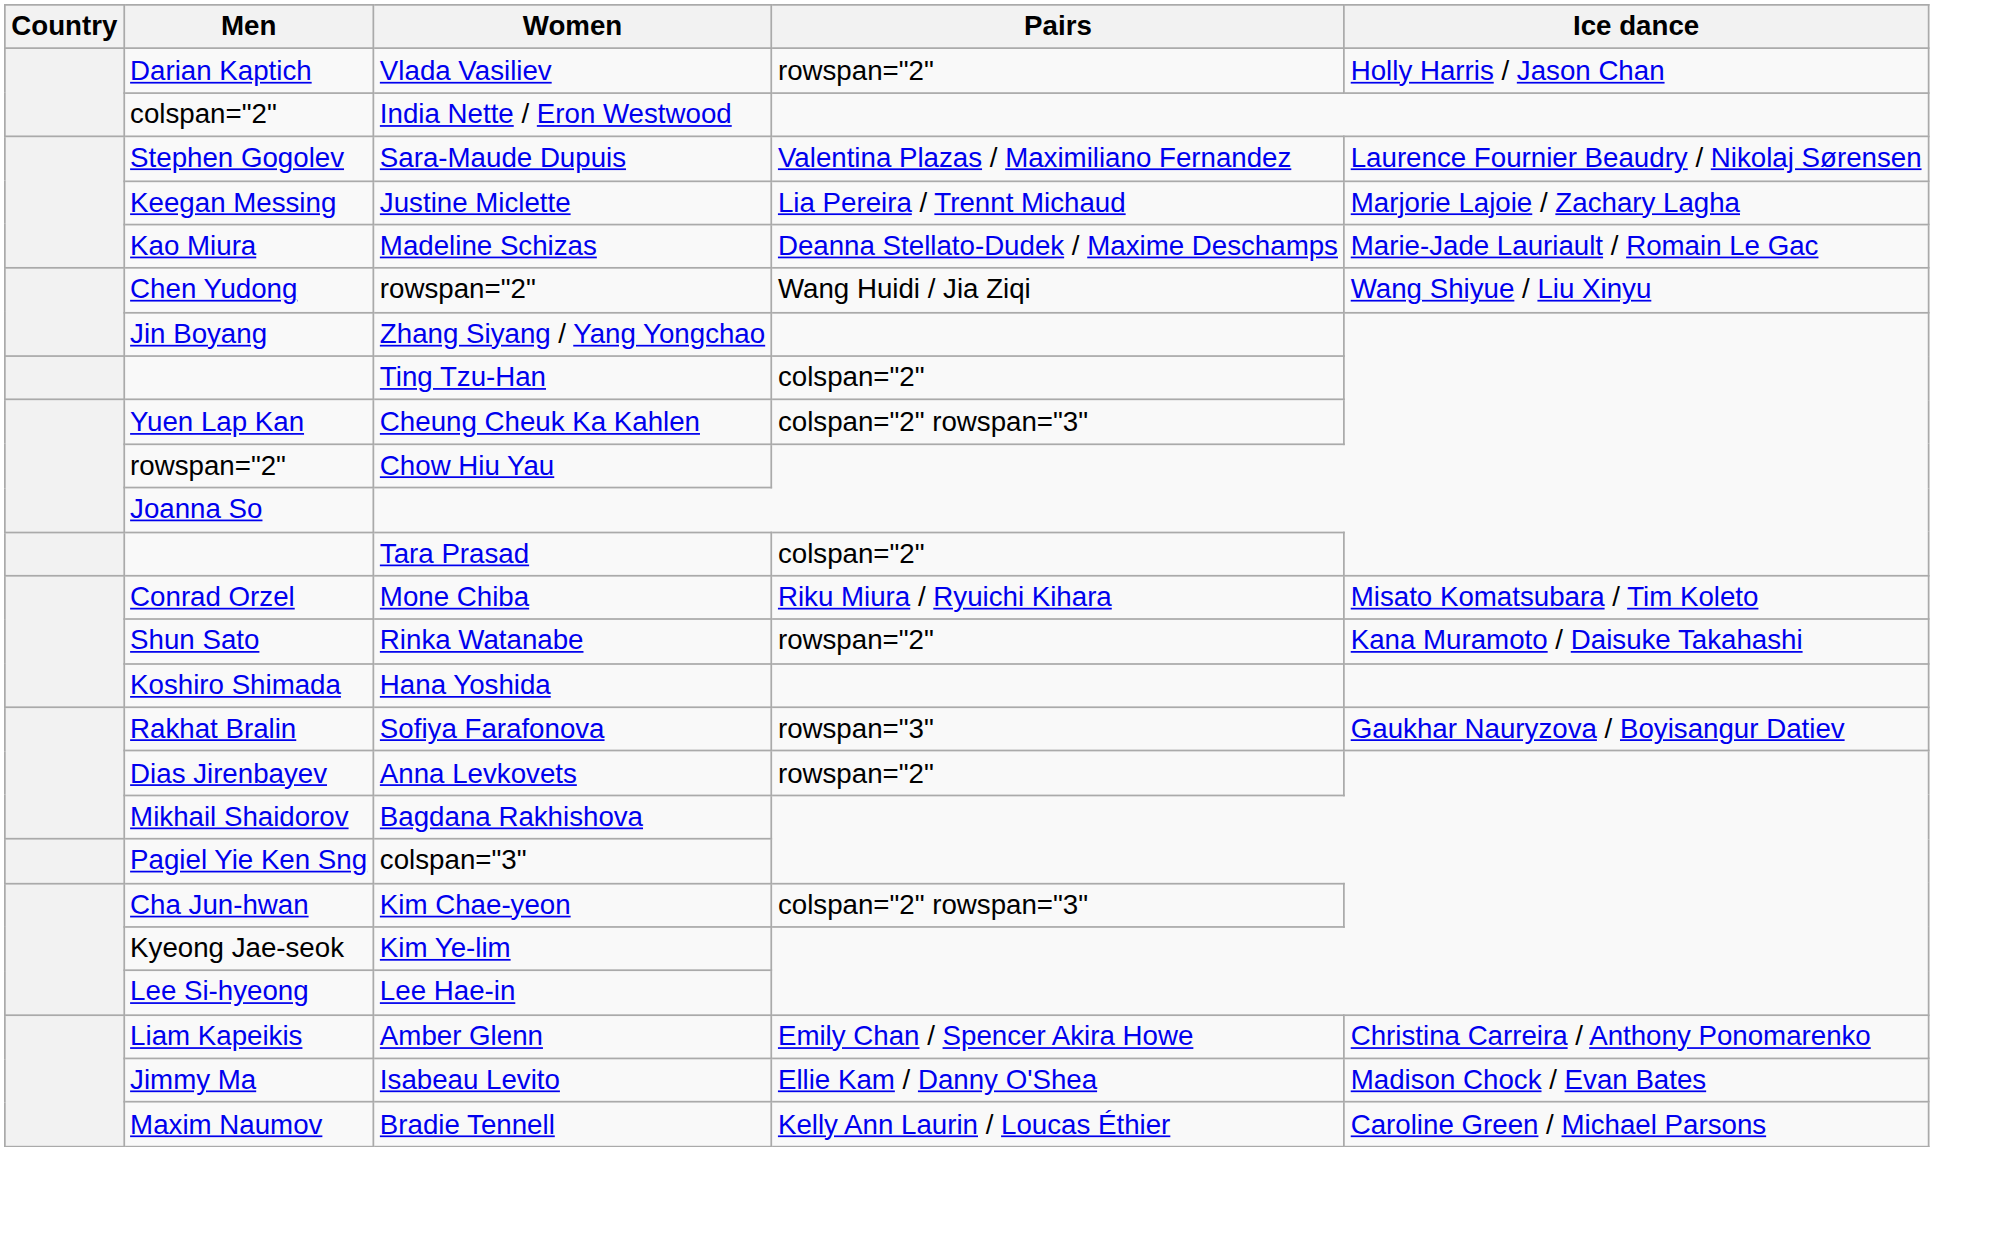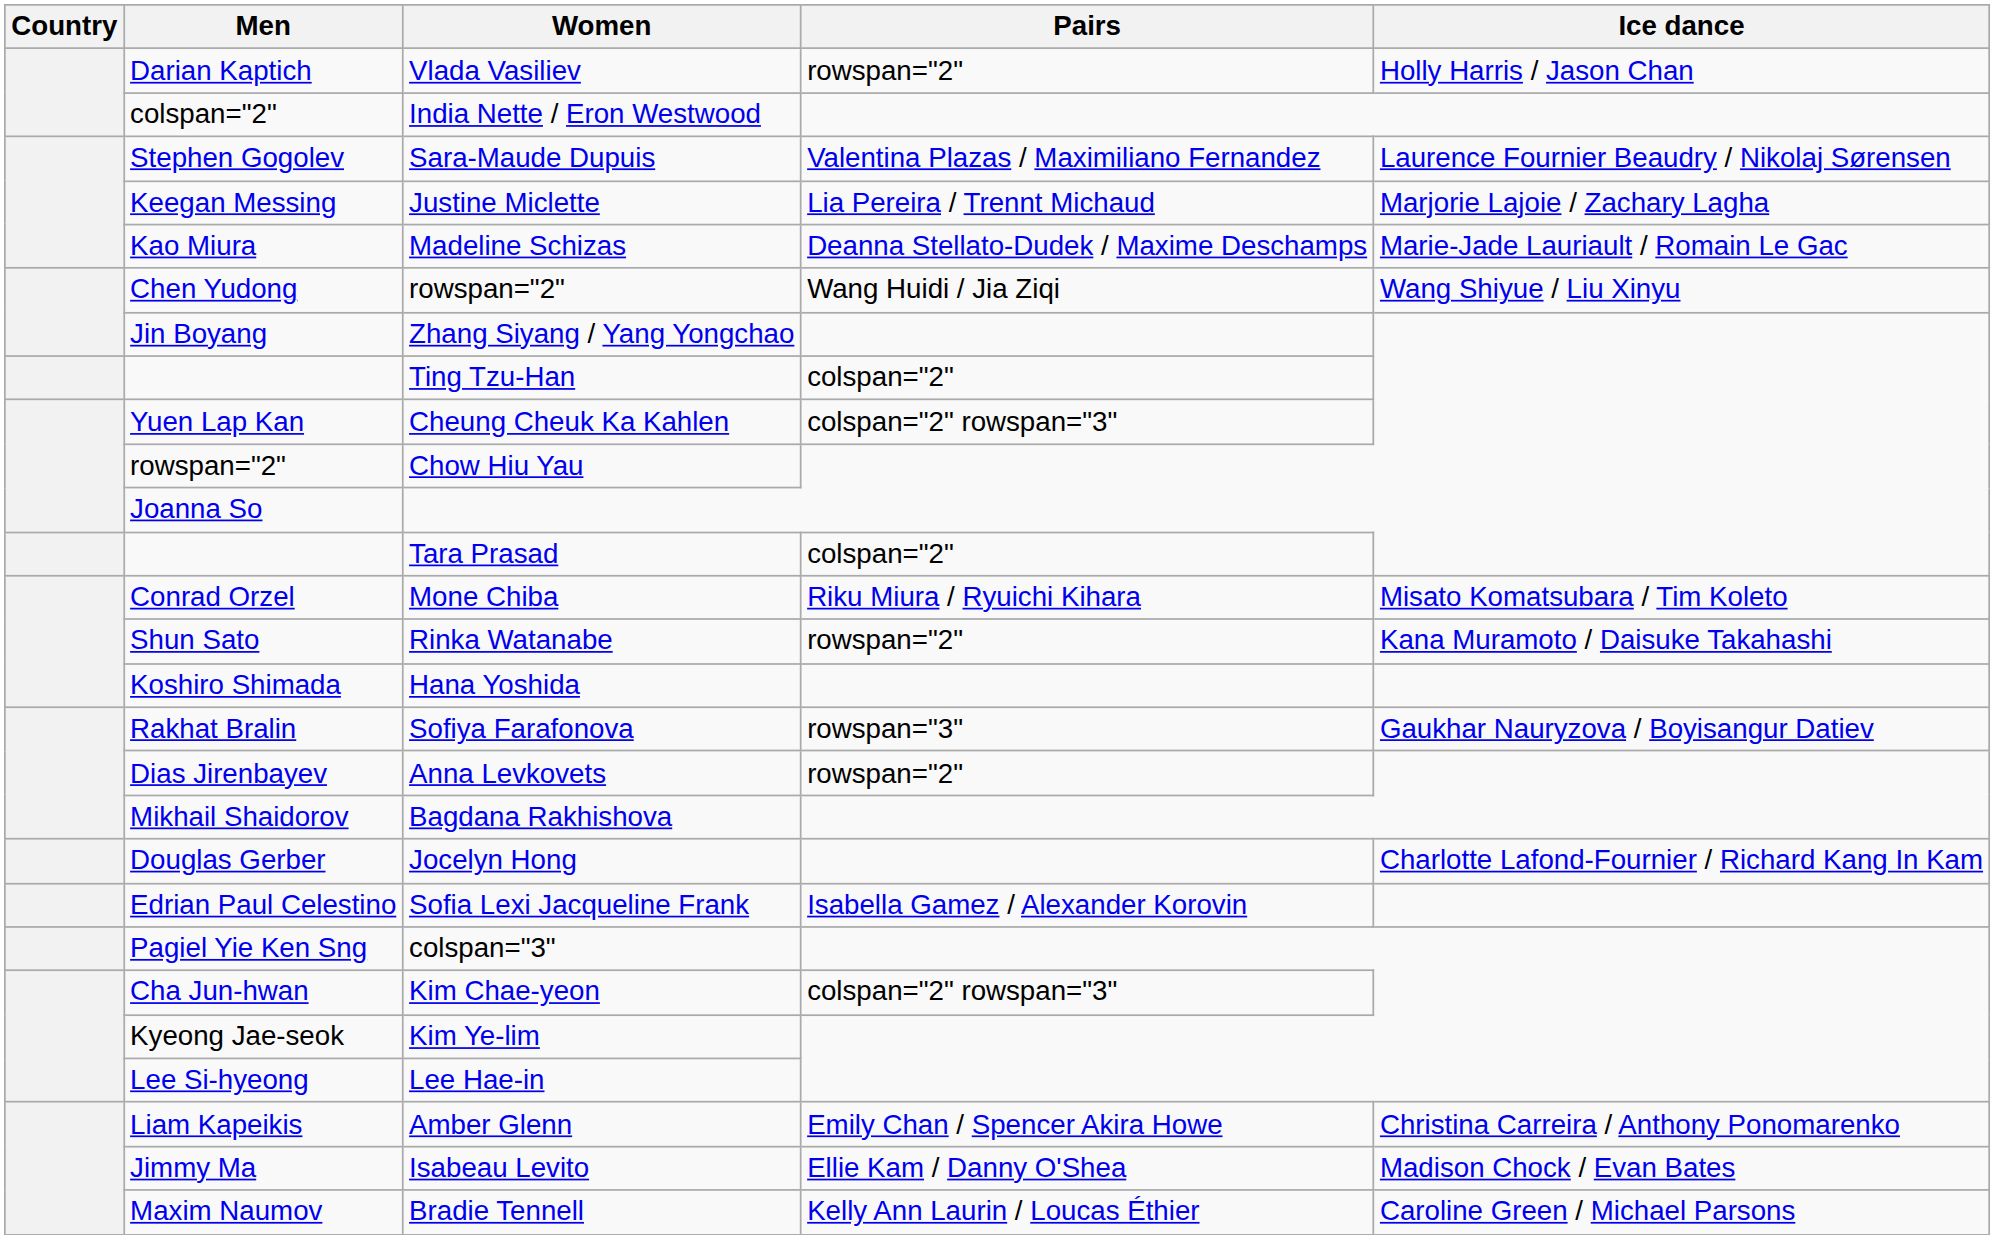 <table class="wikitable unsortable" style="text-align:left;">
 <tr>
 <th scope="col">Country</th>
 <th scope="col">Men</th>
 <th scope="col">Women</th>
 <th scope="col">Pairs</th>
 <th scope="col">Ice dance</th>
 </tr>
 <tr>
 <th rowspan="2" scope="row" style="text-align:left"></th>
 <td><a href='#'>Darian Kaptich</a></td>
 <td><a href='#'>Vlada Vasiliev</a></td>
 <td>rowspan="2" </td>
 <td><a href='#'>Holly Harris</a> / <a href='#'>Jason Chan</a><br></td>
 </tr>
 <tr>
 <td>colspan="2" </td>
 <td><a href='#'>India Nette</a> / <a href='#'>Eron Westwood</a></td>
 </tr>
 <tr>
 <th rowspan="3" scope="row" style="text-align:left"></th>
 <td><a href='#'>Stephen Gogolev</a></td>
 <td><a href='#'>Sara-Maude Dupuis</a></td>
 <td><a href='#'>Valentina Plazas</a> / <a href='#'>Maximiliano Fernandez</a></td>
 <td><a href='#'>Laurence Fournier Beaudry</a> / <a href='#'>Nikolaj Sørensen</a></td>
 </tr>
 <tr>
 <td><a href='#'>Keegan Messing</a></td>
 <td><a href='#'>Justine Miclette</a></td>
 <td><a href='#'>Lia Pereira</a> / <a href='#'>Trennt Michaud</a></td>
 <td><a href='#'>Marjorie Lajoie</a> / <a href='#'>Zachary Lagha</a></td>
 </tr>
 <tr>
 <td><a href='#'>Kao Miura</a></td>
 <td><a href='#'>Madeline Schizas</a></td>
 <td><a href='#'>Deanna Stellato-Dudek</a> / <a href='#'>Maxime Deschamps</a></td>
 <td><a href='#'>Marie-Jade Lauriault</a> / <a href='#'>Romain Le Gac</a></td>
 </tr>
 <tr>
 <th rowspan="2" scope="row" style="text-align:left"></th>
 <td><a href='#'>Chen Yudong</a></td>
 <td>rowspan="2" </td>
 <td>Wang Huidi / Jia Ziqi</td>
 <td><a href='#'>Wang Shiyue</a> / <a href='#'>Liu Xinyu</a></td>
 </tr>
 <tr>
 <td><a href='#'>Jin Boyang</a></td>
 <td><a href='#'>Zhang Siyang</a> / <a href='#'>Yang Yongchao</a></td>
 <td></td>
 </tr>
 <tr>
 <th scope="row" style="text-align:left"></th>
 <td></td>
 <td><a href='#'>Ting Tzu-Han</a></td>
 <td>colspan="2" </td>
 </tr>
 <tr>
 <th rowspan="3" scope="row" style="text-align:left"></th>
 <td><a href='#'>Yuen Lap Kan</a></td>
 <td><a href='#'>Cheung Cheuk Ka Kahlen</a></td>
 <td>colspan="2" rowspan="3" </td>
 </tr>
 <tr>
 <td>rowspan="2" </td>
 <td><a href='#'>Chow Hiu Yau</a></td>
 </tr>
 <tr>
 <td><a href='#'>Joanna So</a></td>
 </tr>
 <tr>
 <th scope="row" style="text-align:left"></th>
 <td></td>
 <td><a href='#'>Tara Prasad</a></td>
 <td>colspan="2" </td>
 </tr>
 <tr>
 <th rowspan="3" scope="row" style="text-align:left"></th>
 <td><a href='#'>Conrad Orzel</a></td>
 <td><a href='#'>Mone Chiba</a></td>
 <td><a href='#'>Riku Miura</a> / <a href='#'>Ryuichi Kihara</a></td>
 <td><a href='#'>Misato Komatsubara</a> / <a href='#'>Tim Koleto</a></td>
 </tr>
 <tr>
 <td><a href='#'>Shun Sato</a></td>
 <td><a href='#'>Rinka Watanabe</a></td>
 <td>rowspan="2" </td>
 <td><a href='#'>Kana Muramoto</a> / <a href='#'>Daisuke Takahashi</a></td>
 </tr>
 <tr>
 <td><a href='#'>Koshiro Shimada</a></td>
 <td><a href='#'>Hana Yoshida</a></td>
 <td></td>
 </tr>
 <tr>
 <th rowspan="3" scope="row" style="text-align:left"></th>
 <td><a href='#'>Rakhat Bralin</a></td>
 <td><a href='#'>Sofiya Farafonova</a></td>
 <td>rowspan="3" </td>
 <td><a href='#'>Gaukhar Nauryzova</a> / <a href='#'>Boyisangur Datiev</a></td>
 </tr>
 <tr>
 <td><a href='#'>Dias Jirenbayev</a></td>
 <td><a href='#'>Anna Levkovets</a></td>
 <td>rowspan="2" </td>
 </tr>
 <tr>
 <td><a href='#'>Mikhail Shaidorov</a></td>
 <td><a href='#'>Bagdana Rakhishova</a></td>
 </tr>
 <tr>
 <th scope="row" style="text-align:left"></th>
+<td><a href='#'>Douglas Gerber</a></td>
+<td><a href='#'>Jocelyn Hong</a></td>
+<td></td>
+<td><a href='#'>Charlotte Lafond-Fournier</a> / <a href='#'>Richard Kang In Kam</a></td>
+</tr>
+<tr>
+<th scope="row" style="text-align:left"></th>
+<td><a href='#'>Edrian Paul Celestino</a></td>
+<td><a href='#'>Sofia Lexi Jacqueline Frank</a></td>
+<td><a href='#'>Isabella Gamez</a> / <a href='#'>Alexander Korovin</a></td>
+<td></td>
+</tr>
+<tr>
+<th scope="row" style="text-align:left"></th>
 <td><a href='#'>Pagiel Yie Ken Sng</a></td>
 <td>colspan="3" </td>
 </tr>
 <tr>
 <th rowspan="3" scope="row" style="text-align:left"></th>
 <td><a href='#'>Cha Jun-hwan</a></td>
 <td><a href='#'>Kim Chae-yeon</a></td>
 <td>colspan="2" rowspan="3" </td>
 </tr>
 <tr>
 <td>Kyeong Jae-seok</td>
 <td><a href='#'>Kim Ye-lim</a></td>
 </tr>
 <tr>
 <td><a href='#'>Lee Si-hyeong</a></td>
 <td><a href='#'>Lee Hae-in</a></td>
 </tr>
 <tr>
 <th rowspan="3" scope="row" style="text-align:left"></th>
 <td><a href='#'>Liam Kapeikis</a></td>
 <td><a href='#'>Amber Glenn</a></td>
 <td><a href='#'>Emily Chan</a> / <a href='#'>Spencer Akira Howe</a></td>
 <td><a href='#'>Christina Carreira</a> / <a href='#'>Anthony Ponomarenko</a></td>
 </tr>
 <tr>
 <td><a href='#'>Jimmy Ma</a></td>
 <td><a href='#'>Isabeau Levito</a></td>
 <td><a href='#'>Ellie Kam</a> / <a href='#'>Danny O'Shea</a></td>
 <td><a href='#'>Madison Chock</a> / <a href='#'>Evan Bates</a></td>
 </tr>
 <tr>
 <td><a href='#'>Maxim Naumov</a></td>
 <td><a href='#'>Bradie Tennell</a></td>
 <td><a href='#'>Kelly Ann Laurin</a> / <a href='#'>Loucas Éthier</a></td>
 <td><a href='#'>Caroline Green</a> / <a href='#'>Michael Parsons</a></td>
 </tr>
 </table>
